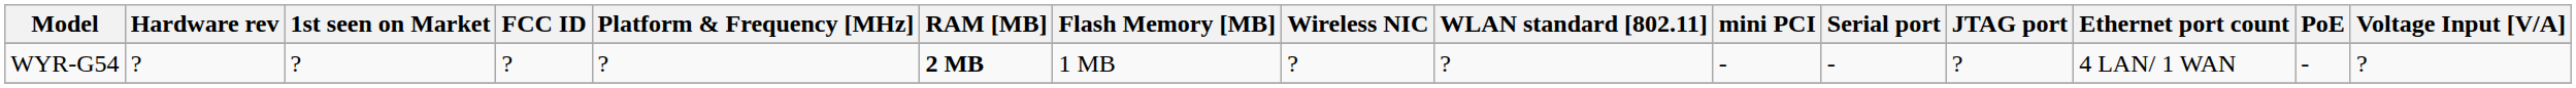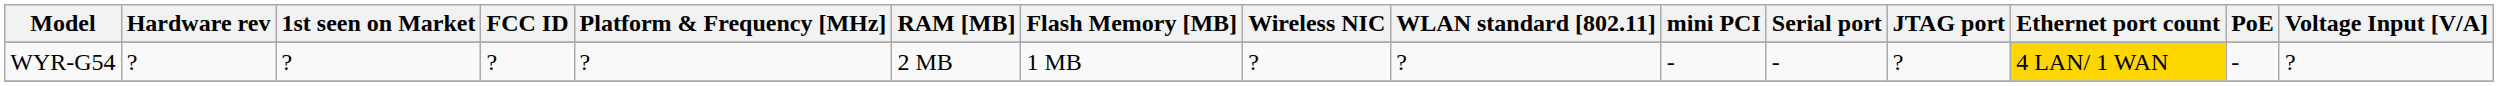 <table class="wikitable sortable">
 <tr>
 <th>Model</th>
 <th>Hardware rev</th>
 <th>1st seen on Market</th>
 <th>FCC ID</th>
 <th>Platform & Frequency [MHz]</th>
 <th>RAM [MB]</th>
 <th>Flash Memory [MB]</th>
 <th>Wireless NIC</th>
 <th>WLAN standard [802.11]</th>
 <th>mini PCI</th>
 <th>Serial port</th>
 <th>JTAG port</th>
 <th>Ethernet port count</th>
 <th>PoE</th>
 <th>Voltage Input [V/A]</th>
 </tr>
 <tr>
 </tr>
 <tr>
 <td>WYR-G54</td>
 <td>?</td>
 <td>?</td>
 <td>?</td>
 <td>?</td>
-<td><strong>2 MB</strong></td>
+<td>2 MB</td>
 <td>1 MB</td>
 <td>?</td>
 <td>?</td>
 <td>-</td>
 <td>-</td>
 <td>?</td>
-<td>4 LAN/ 1 WAN</td>
+<td style="background: gold;">4 LAN/ 1 WAN</td>
 <td>-</td>
 <td>?</td>
 </tr>
 <tr>
 </tr>
 </table>
